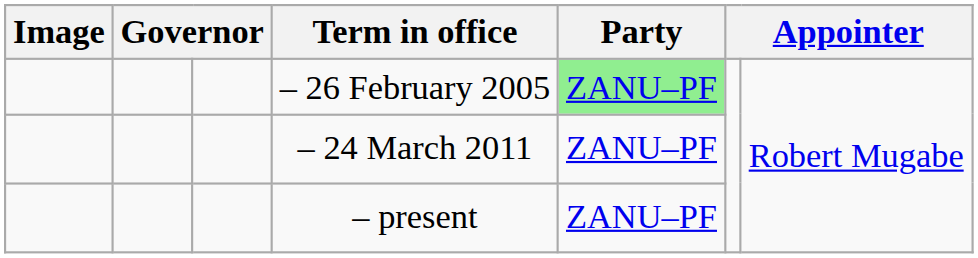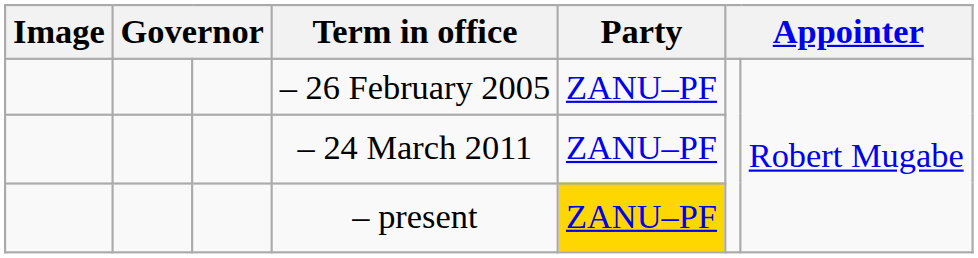 <table class="wikitable sortable" style="text-align:center;">
 <tr>
 <th scope="col" class="unsortable">Image</th>
 <th colspan="2" scope="col">Governor</th>
 <th scope="col">Term in office</th>
 <th scope="col">Party</th>
 <th colspan="2" scope="col"><a href='#'>Appointer</a></th>
 </tr>
 <tr>
 <td></td>
 <td style="background:"></td>
 <td></td>
 <td> – 26 February 2005</td>
-<td style="background: lightgreen;"><a href='#'>ZANU–PF</a></td>
+<td><a href='#'>ZANU–PF</a></td>
 <td rowspan="3" style="background:"></td>
 <td rowspan="3"><a href='#'>Robert Mugabe</a></td>
 </tr>
 <tr style="height:2em;">
 <td></td>
 <td style="background:"></td>
 <td></td>
 <td> – 24 March 2011</td>
 <td><a href='#'>ZANU–PF</a></td>
 </tr>
 <tr style="height:2em;">
 <td></td>
 <td style="background:"></td>
 <td></td>
 <td> – present</td>
-<td><a href='#'>ZANU–PF</a></td>
+<td style="background: gold;"><a href='#'>ZANU–PF</a></td>
 </tr>
 </table>
